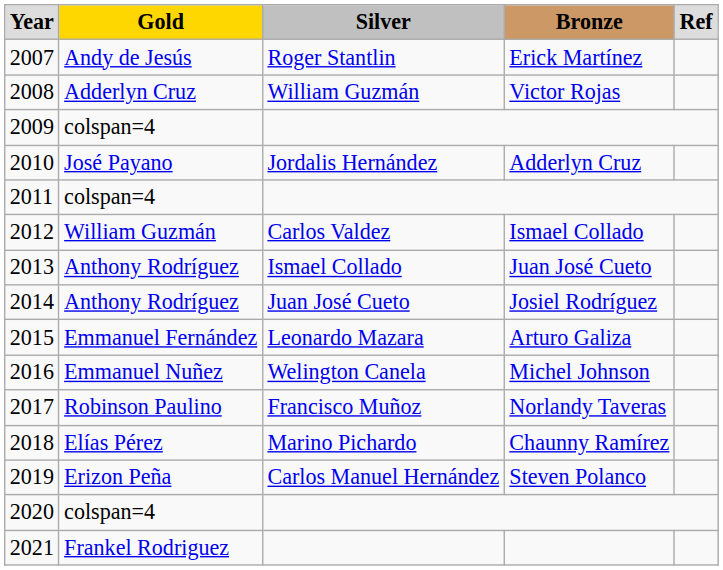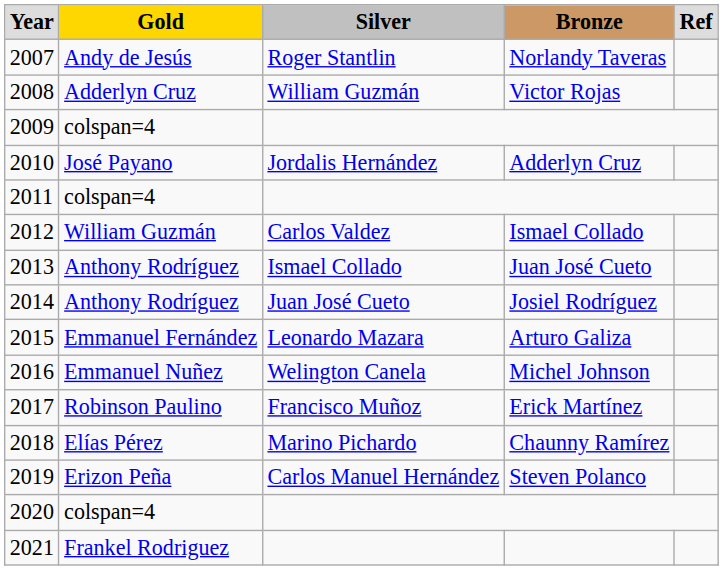 <table class="wikitable" style="text-align:left;">
 <tr>
 <td style="background:#DDDDDD; font-weight:bold; text-align:center;">Year</td>
 <td style="background:gold; font-weight:bold; text-align:center;">Gold</td>
 <td style="background:silver; font-weight:bold; text-align:center;">Silver</td>
 <td style="background:#cc9966; font-weight:bold; text-align:center;">Bronze</td>
 <td style="background:#DDDDDD; font-weight:bold; text-align:center;">Ref</td>
 </tr>
 <tr>
 <td>2007</td>
 <td><a href='#'>Andy de Jesús</a></td>
 <td><a href='#'>Roger Stantlin</a></td>
-<td><a href='#'>Erick Martínez</a></td>
+<td><a href='#'>Norlandy Taveras</a></td>
 <td></td>
 </tr>
 <tr>
 <td>2008</td>
 <td><a href='#'>Adderlyn Cruz</a></td>
 <td><a href='#'>William Guzmán</a></td>
 <td><a href='#'>Victor Rojas</a></td>
 <td></td>
 </tr>
 <tr>
 <td>2009</td>
 <td>colspan=4 </td>
 </tr>
 <tr>
 <td>2010</td>
 <td><a href='#'>José Payano</a></td>
 <td><a href='#'>Jordalis Hernández</a></td>
 <td><a href='#'>Adderlyn Cruz</a></td>
 <td></td>
 </tr>
 <tr>
 <td>2011</td>
 <td>colspan=4 </td>
 </tr>
 <tr>
 <td>2012</td>
 <td><a href='#'>William Guzmán</a></td>
 <td><a href='#'>Carlos Valdez</a></td>
 <td><a href='#'>Ismael Collado</a></td>
 <td></td>
 </tr>
 <tr>
 <td>2013</td>
 <td><a href='#'>Anthony Rodríguez</a></td>
 <td><a href='#'>Ismael Collado</a></td>
 <td><a href='#'>Juan José Cueto</a></td>
 <td></td>
 </tr>
 <tr>
 <td>2014</td>
 <td><a href='#'>Anthony Rodríguez</a></td>
 <td><a href='#'>Juan José Cueto</a></td>
 <td><a href='#'>Josiel Rodríguez</a></td>
 <td></td>
 </tr>
 <tr>
 <td>2015</td>
 <td><a href='#'>Emmanuel Fernández</a></td>
 <td><a href='#'>Leonardo Mazara</a></td>
 <td><a href='#'>Arturo Galiza</a></td>
 <td></td>
 </tr>
 <tr>
 <td>2016</td>
 <td><a href='#'>Emmanuel Nuñez</a></td>
 <td><a href='#'>Welington Canela</a></td>
 <td><a href='#'>Michel Johnson</a></td>
 <td></td>
 </tr>
 <tr>
 <td>2017</td>
 <td><a href='#'>Robinson Paulino</a></td>
 <td><a href='#'>Francisco Muñoz</a></td>
-<td><a href='#'>Norlandy Taveras</a></td>
+<td><a href='#'>Erick Martínez</a></td>
 <td></td>
 </tr>
 <tr>
 <td>2018</td>
 <td><a href='#'>Elías Pérez</a></td>
 <td><a href='#'>Marino Pichardo</a></td>
 <td><a href='#'>Chaunny Ramírez</a></td>
 <td></td>
 </tr>
 <tr>
 <td>2019</td>
 <td><a href='#'>Erizon Peña</a></td>
 <td><a href='#'>Carlos Manuel Hernández</a></td>
 <td><a href='#'>Steven Polanco</a></td>
 <td></td>
 </tr>
 <tr>
 <td>2020</td>
 <td>colspan=4 </td>
 </tr>
 <tr>
 <td>2021</td>
 <td><a href='#'>Frankel Rodriguez</a></td>
 <td></td>
 <td></td>
 <td></td>
 </tr>
 </table>
